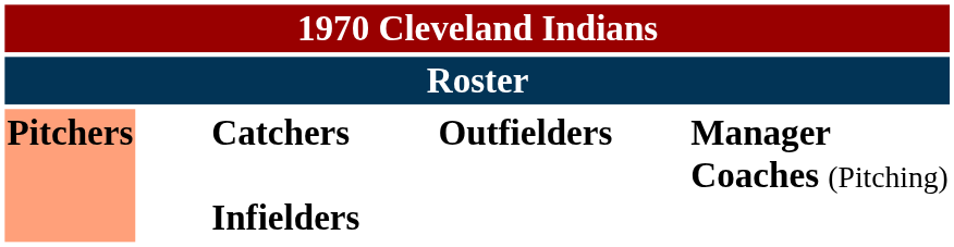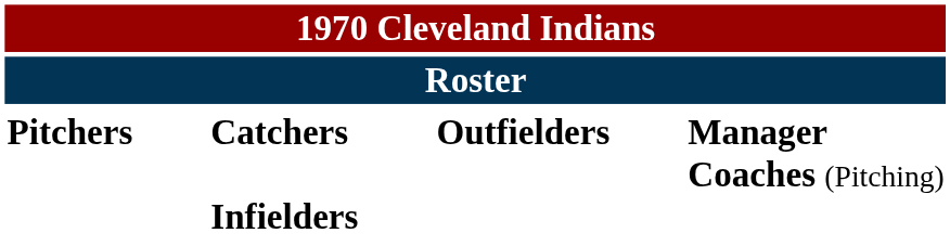 <table class="toccolours" style="font-size: 95%;">
 <tr>
 <th colspan="10" style="background-color: #990000; color: white; text-align: center;">1970 Cleveland Indians</th>
 </tr>
 <tr>
 <td colspan="10" style="background-color: #023456; color: white; text-align: center;"><strong>Roster</strong></td>
 </tr>
 <tr>
-<td valign="top" style="background: lightsalmon;"><strong>Pitchers</strong><br>               </td>
+<td valign="top"><strong>Pitchers</strong><br>               </td>
 <td width="25px"></td>
 <td valign="top"><strong>Catchers</strong><br> <br><strong>Infielders</strong>            </td>
 <td width="25px"></td>
 <td valign="top"><strong>Outfielders</strong><br>     </td>
 <td width="25px"></td>
 <td valign="top"><strong>Manager</strong><br> <strong>Coaches</strong>   <small>(Pitching)</small>   </td>
 </tr>
 </table>
